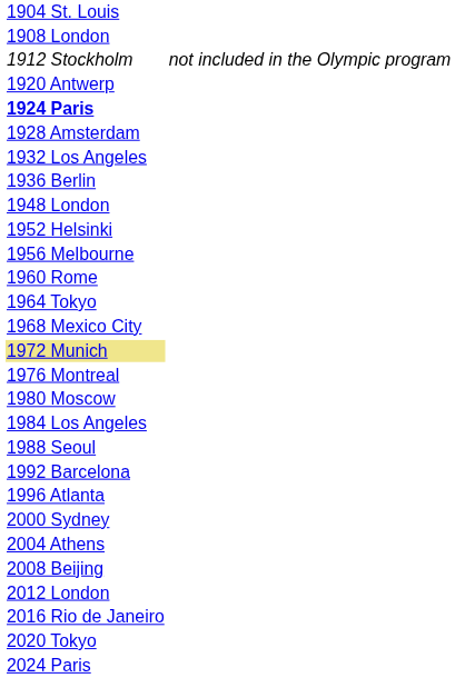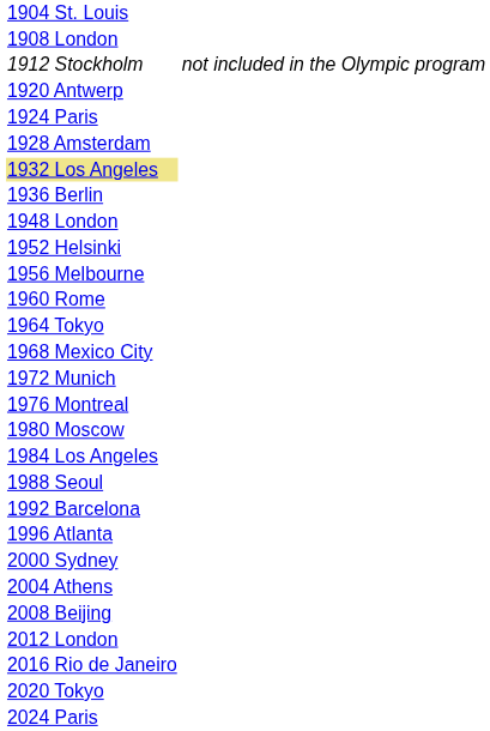 <table>
 <tr valign="top">
 <td><a href='#'>1904 St. Louis</a><br></td>
 <td></td>
 <td></td>
 <td></td>
 </tr>
 <tr valign="top">
 <td><a href='#'>1908 London</a><br></td>
 <td></td>
 <td></td>
 <td></td>
 </tr>
 <tr>
 <td><em>1912 Stockholm</em></td>
 <td colspan="3" style="text-align:center;"><em>not included in the Olympic program</em></td>
 </tr>
 <tr valign="top">
 <td><a href='#'>1920 Antwerp</a><br></td>
 <td></td>
 <td></td>
 <td></td>
 </tr>
 <tr valign="top">
-<td><strong><a href='#'>1924 Paris</a><br></strong></td>
+<td><a href='#'>1924 Paris</a><br></td>
 <td></td>
 <td></td>
 <td></td>
 </tr>
 <tr valign="top">
 <td><a href='#'>1928 Amsterdam</a><br></td>
 <td></td>
 <td></td>
 <td></td>
 </tr>
 <tr valign="top">
-<td><a href='#'>1932 Los Angeles</a><br></td>
+<td style="background: khaki;"><a href='#'>1932 Los Angeles</a><br></td>
 <td></td>
 <td></td>
 <td></td>
 </tr>
 <tr valign="top">
 <td><a href='#'>1936 Berlin</a><br></td>
 <td></td>
 <td></td>
 <td></td>
 </tr>
 <tr valign="top">
 <td><a href='#'>1948 London</a><br></td>
 <td></td>
 <td></td>
 <td></td>
 </tr>
 <tr valign="top">
 <td><a href='#'>1952 Helsinki</a><br></td>
 <td></td>
 <td></td>
 <td><br></td>
 </tr>
 <tr valign="top">
 <td><a href='#'>1956 Melbourne</a><br></td>
 <td></td>
 <td></td>
 <td><br></td>
 </tr>
 <tr valign="top">
 <td><a href='#'>1960 Rome</a><br></td>
 <td></td>
 <td></td>
 <td><br></td>
 </tr>
 <tr valign="top">
 <td><a href='#'>1964 Tokyo</a><br></td>
 <td></td>
 <td></td>
 <td><br></td>
 </tr>
 <tr valign="top">
 <td><a href='#'>1968 Mexico City</a><br></td>
 <td></td>
 <td></td>
 <td><br></td>
 </tr>
 <tr valign="top">
-<td style="background: khaki;"><a href='#'>1972 Munich</a><br></td>
+<td><a href='#'>1972 Munich</a><br></td>
 <td></td>
 <td></td>
 <td><br></td>
 </tr>
 <tr valign="top">
 <td><a href='#'>1976 Montreal</a><br></td>
 <td></td>
 <td></td>
 <td><br></td>
 </tr>
 <tr valign="top">
 <td><a href='#'>1980 Moscow</a><br></td>
 <td></td>
 <td></td>
 <td><br></td>
 </tr>
 <tr valign="top">
 <td><a href='#'>1984 Los Angeles</a><br></td>
 <td></td>
 <td></td>
 <td><br></td>
 </tr>
 <tr valign="top">
 <td><a href='#'>1988 Seoul</a><br></td>
 <td></td>
 <td></td>
 <td><br></td>
 </tr>
 <tr valign="top">
 <td><a href='#'>1992 Barcelona</a><br></td>
 <td></td>
 <td></td>
 <td><br></td>
 </tr>
 <tr valign="top">
 <td><a href='#'>1996 Atlanta</a><br></td>
 <td></td>
 <td></td>
 <td><br></td>
 </tr>
 <tr valign="top">
 <td><a href='#'>2000 Sydney</a><br></td>
 <td></td>
 <td></td>
 <td><br></td>
 </tr>
 <tr valign="top">
 <td><a href='#'>2004 Athens</a><br></td>
 <td></td>
 <td></td>
 <td><br></td>
 </tr>
 <tr valign="top">
 <td><a href='#'>2008 Beijing</a><br></td>
 <td></td>
 <td></td>
 <td><br></td>
 </tr>
 <tr valign="top">
 <td><a href='#'>2012 London</a><br></td>
 <td></td>
 <td></td>
 <td><br></td>
 </tr>
 <tr valign="top">
 <td><a href='#'>2016 Rio de Janeiro</a><br></td>
 <td></td>
 <td></td>
 <td><br></td>
 </tr>
 <tr valign="top">
 <td><a href='#'>2020 Tokyo</a><br></td>
 <td></td>
 <td></td>
 <td><br></td>
 </tr>
 <tr valign="top">
 <td><a href='#'>2024 Paris</a><br></td>
 <td></td>
 <td></td>
 <td><br></td>
 </tr>
 </table>
